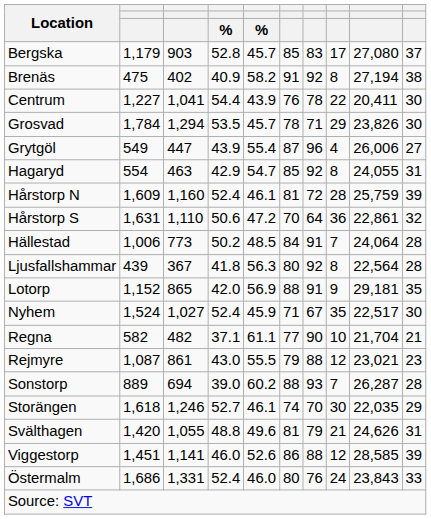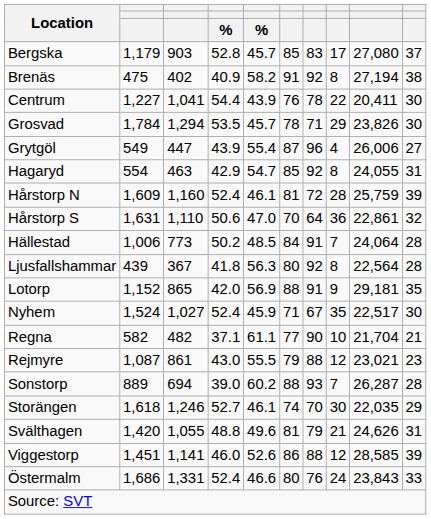 <table role="presentation" class="wikitable sortable mw-collapsible">
 <tr>
 <th rowspan="3">Location</th>
 <th></th>
 <th></th>
 <th></th>
 <th></th>
 <th></th>
 <th></th>
 <th></th>
 <th></th>
 <th></th>
 </tr>
 <tr>
 <th></th>
 <th></th>
 <th style="background:"></th>
 <th style="background:"></th>
 <th></th>
 <th></th>
 <th></th>
 <th></th>
 <th></th>
 </tr>
 <tr>
 <th data-sort-type="number"></th>
 <th data-sort-type="number"></th>
 <th data-sort-type="number">%</th>
 <th data-sort-type="number">%</th>
 <th data-sort-type="number"></th>
 <th data-sort-type="number"></th>
 <th data-sort-type="number"></th>
 <th data-sort-type="number"></th>
 <th data-sort-type="number"></th>
 </tr>
 <tr>
 <td align="left">Bergska</td>
 <td>1,179</td>
 <td>903</td>
 <td>52.8</td>
 <td>45.7</td>
 <td>85</td>
 <td>83</td>
 <td>17</td>
 <td>27,080</td>
 <td>37</td>
 </tr>
 <tr>
 <td align="left">Brenäs</td>
 <td>475</td>
 <td>402</td>
 <td>40.9</td>
 <td>58.2</td>
 <td>91</td>
 <td>92</td>
 <td>8</td>
 <td>27,194</td>
 <td>38</td>
 </tr>
 <tr>
 <td align="left">Centrum</td>
 <td>1,227</td>
 <td>1,041</td>
 <td>54.4</td>
 <td>43.9</td>
 <td>76</td>
 <td>78</td>
 <td>22</td>
 <td>20,411</td>
 <td>30</td>
 </tr>
 <tr>
 <td align="left">Grosvad</td>
 <td>1,784</td>
 <td>1,294</td>
 <td>53.5</td>
 <td>45.7</td>
 <td>78</td>
 <td>71</td>
 <td>29</td>
 <td>23,826</td>
 <td>30</td>
 </tr>
 <tr>
 <td align="left">Grytgöl</td>
 <td>549</td>
 <td>447</td>
 <td>43.9</td>
 <td>55.4</td>
 <td>87</td>
 <td>96</td>
 <td>4</td>
 <td>26,006</td>
 <td>27</td>
 </tr>
 <tr>
 <td align="left">Hagaryd</td>
 <td>554</td>
 <td>463</td>
 <td>42.9</td>
 <td>54.7</td>
 <td>85</td>
 <td>92</td>
 <td>8</td>
 <td>24,055</td>
 <td>31</td>
 </tr>
 <tr>
 <td align="left">Hårstorp N</td>
 <td>1,609</td>
 <td>1,160</td>
 <td>52.4</td>
 <td>46.1</td>
 <td>81</td>
 <td>72</td>
 <td>28</td>
 <td>25,759</td>
 <td>39</td>
 </tr>
 <tr>
 <td align="left">Hårstorp S</td>
 <td>1,631</td>
 <td>1,110</td>
 <td>50.6</td>
-<td>47.2</td>
+<td>47.0</td>
 <td>70</td>
 <td>64</td>
 <td>36</td>
 <td>22,861</td>
 <td>32</td>
 </tr>
 <tr>
 <td align="left">Hällestad</td>
 <td>1,006</td>
 <td>773</td>
 <td>50.2</td>
 <td>48.5</td>
 <td>84</td>
 <td>91</td>
 <td>7</td>
 <td>24,064</td>
 <td>28</td>
 </tr>
 <tr>
 <td align="left">Ljusfallshammar</td>
 <td>439</td>
 <td>367</td>
 <td>41.8</td>
 <td>56.3</td>
 <td>80</td>
 <td>92</td>
 <td>8</td>
 <td>22,564</td>
 <td>28</td>
 </tr>
 <tr>
 <td align="left">Lotorp</td>
 <td>1,152</td>
 <td>865</td>
 <td>42.0</td>
 <td>56.9</td>
 <td>88</td>
 <td>91</td>
 <td>9</td>
 <td>29,181</td>
 <td>35</td>
 </tr>
 <tr>
 <td align="left">Nyhem</td>
 <td>1,524</td>
 <td>1,027</td>
 <td>52.4</td>
 <td>45.9</td>
 <td>71</td>
 <td>67</td>
 <td>35</td>
 <td>22,517</td>
 <td>30</td>
 </tr>
 <tr>
 <td align="left">Regna</td>
 <td>582</td>
 <td>482</td>
 <td>37.1</td>
 <td>61.1</td>
 <td>77</td>
 <td>90</td>
 <td>10</td>
 <td>21,704</td>
 <td>21</td>
 </tr>
 <tr>
 <td align="left">Rejmyre</td>
 <td>1,087</td>
 <td>861</td>
 <td>43.0</td>
 <td>55.5</td>
 <td>79</td>
 <td>88</td>
 <td>12</td>
 <td>23,021</td>
 <td>23</td>
 </tr>
 <tr>
 <td align="left">Sonstorp</td>
 <td>889</td>
 <td>694</td>
 <td>39.0</td>
 <td>60.2</td>
 <td>88</td>
 <td>93</td>
 <td>7</td>
 <td>26,287</td>
 <td>28</td>
 </tr>
 <tr>
 <td align="left">Storängen</td>
 <td>1,618</td>
 <td>1,246</td>
 <td>52.7</td>
 <td>46.1</td>
 <td>74</td>
 <td>70</td>
 <td>30</td>
 <td>22,035</td>
 <td>29</td>
 </tr>
 <tr>
 <td align="left">Svälthagen</td>
 <td>1,420</td>
 <td>1,055</td>
 <td>48.8</td>
 <td>49.6</td>
 <td>81</td>
 <td>79</td>
 <td>21</td>
 <td>24,626</td>
 <td>31</td>
 </tr>
 <tr>
 <td align="left">Viggestorp</td>
 <td>1,451</td>
 <td>1,141</td>
 <td>46.0</td>
 <td>52.6</td>
 <td>86</td>
 <td>88</td>
 <td>12</td>
 <td>28,585</td>
 <td>39</td>
 </tr>
 <tr>
 <td align="left">Östermalm</td>
 <td>1,686</td>
 <td>1,331</td>
 <td>52.4</td>
-<td>46.0</td>
+<td>46.6</td>
 <td>80</td>
 <td>76</td>
 <td>24</td>
 <td>23,843</td>
 <td>33</td>
 </tr>
 <tr>
 <td colspan="10" align="left">Source: <a href='#'>SVT</a></td>
 </tr>
 </table>
